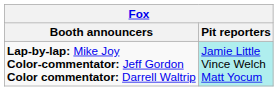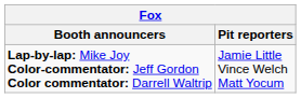 <table class="wikitable" style="font-size: 95%;">
 <tr>
 <th colspan="2"><a href='#'>Fox</a></th>
 </tr>
 <tr>
 <th>Booth announcers</th>
 <th>Pit reporters</th>
 </tr>
 <tr>
 <td><strong>Lap-by-lap:</strong> <a href='#'>Mike Joy</a><br><strong>Color-commentator:</strong> <a href='#'>Jeff Gordon</a><br><strong>Color commentator:</strong> <a href='#'>Darrell Waltrip</a></td>
-<td style="background: paleturquoise;"><a href='#'>Jamie Little</a><br>Vince Welch<br><a href='#'>Matt Yocum</a></td>
+<td><a href='#'>Jamie Little</a><br>Vince Welch<br><a href='#'>Matt Yocum</a></td>
 </tr>
 </table>
